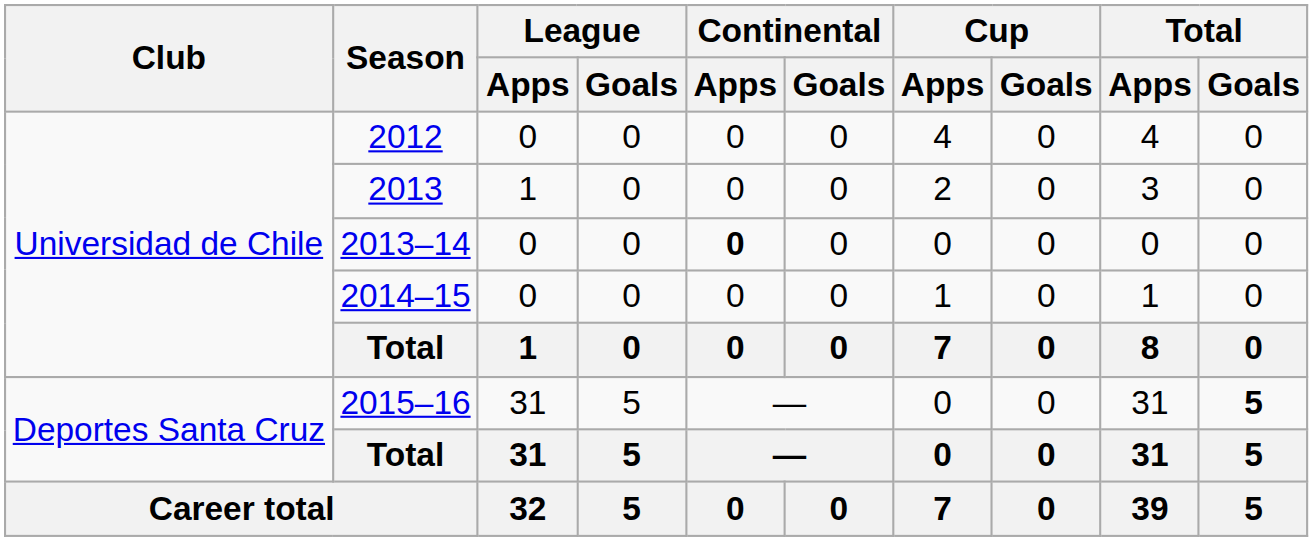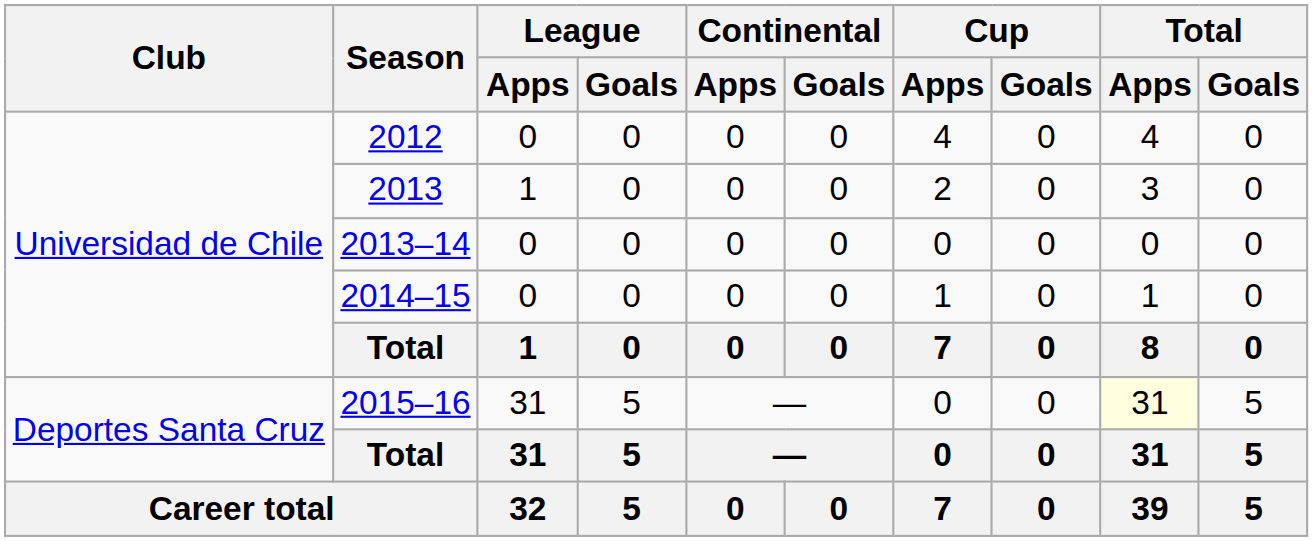 <table class="wikitable" style="text-align: center;">
 <tr>
 <th rowspan="2">Club</th>
 <th rowspan="2">Season</th>
 <th colspan="2">League</th>
 <th colspan="2">Continental</th>
 <th colspan="2">Cup</th>
 <th colspan="2">Total</th>
 </tr>
 <tr>
 <th>Apps</th>
 <th>Goals</th>
 <th>Apps</th>
 <th>Goals</th>
 <th>Apps</th>
 <th>Goals</th>
 <th>Apps</th>
 <th>Goals</th>
 </tr>
 <tr>
 <td rowspan="5"><a href='#'>Universidad de Chile</a></td>
 <td><a href='#'>2012</a></td>
 <td>0</td>
 <td>0</td>
 <td>0</td>
 <td>0</td>
 <td>4</td>
 <td>0</td>
 <td>4</td>
 <td>0</td>
 </tr>
 <tr>
 <td><a href='#'>2013</a></td>
 <td>1</td>
 <td>0</td>
 <td>0</td>
 <td>0</td>
 <td>2</td>
 <td>0</td>
 <td>3</td>
 <td>0</td>
 </tr>
 <tr>
 <td><a href='#'>2013–14</a></td>
 <td>0</td>
 <td>0</td>
-<td><strong>0</strong></td>
+<td>0</td>
 <td>0</td>
 <td>0</td>
 <td>0</td>
 <td>0</td>
 <td>0</td>
 </tr>
 <tr>
 <td><a href='#'>2014–15</a></td>
 <td>0</td>
 <td>0</td>
 <td>0</td>
 <td>0</td>
 <td>1</td>
 <td>0</td>
 <td>1</td>
 <td>0</td>
 </tr>
 <tr>
 <th>Total</th>
 <th>1</th>
 <th>0</th>
 <th>0</th>
 <th>0</th>
 <th>7</th>
 <th>0</th>
 <th>8</th>
 <th>0</th>
 </tr>
 <tr>
 <td rowspan="2"><a href='#'>Deportes Santa Cruz</a></td>
 <td><a href='#'>2015–16</a></td>
 <td>31</td>
 <td>5</td>
 <td colspan="2">—</td>
 <td>0</td>
 <td>0</td>
-<td>31</td>
-<td><strong>5</strong></td>
+<td style="background: lightyellow;">31</td>
+<td>5</td>
 </tr>
 <tr>
 <th>Total</th>
 <th>31</th>
 <th>5</th>
 <th colspan="2">—</th>
 <th>0</th>
 <th>0</th>
 <th>31</th>
 <th>5</th>
 </tr>
 <tr>
 <th colspan="2">Career total</th>
 <th>32</th>
 <th>5</th>
 <th>0</th>
 <th>0</th>
 <th>7</th>
 <th>0</th>
 <th>39</th>
 <th>5</th>
 </tr>
 </table>
